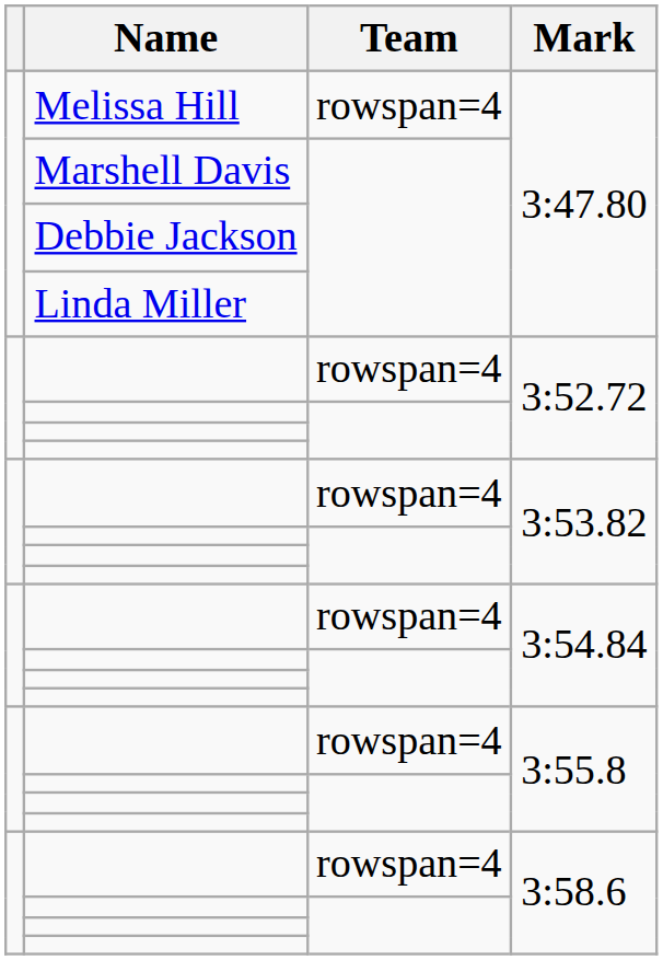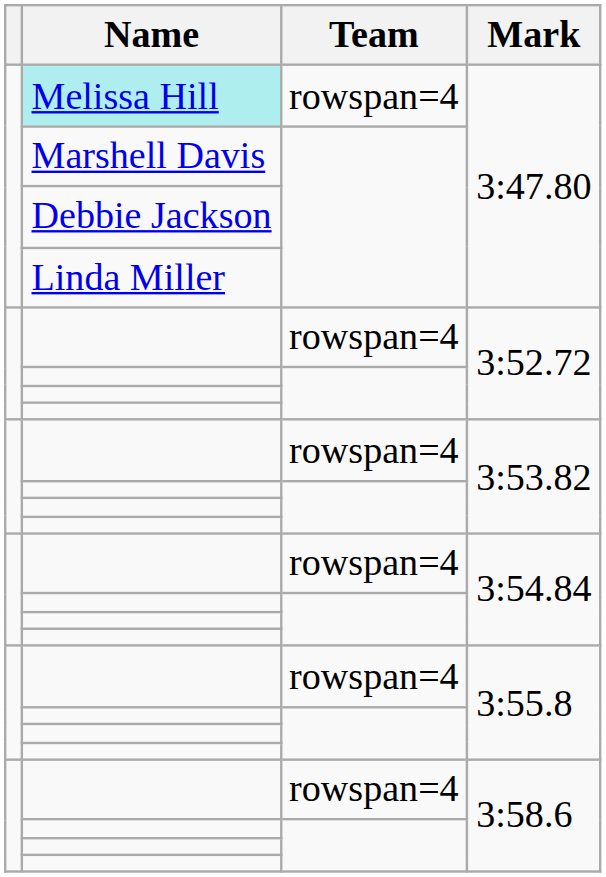 <table class=wikitable>
 <tr>
 <th></th>
 <th>Name</th>
 <th>Team</th>
 <th>Mark</th>
 </tr>
 <tr>
 <td rowspan=4></td>
-<td><a href='#'>Melissa Hill</a></td>
+<td style="background: paleturquoise;"><a href='#'>Melissa Hill</a></td>
 <td>rowspan=4 </td>
 <td rowspan=4>3:47.80</td>
 </tr>
 <tr>
 <td><a href='#'>Marshell Davis</a></td>
 </tr>
 <tr>
 <td><a href='#'>Debbie Jackson</a></td>
 </tr>
 <tr>
 <td><a href='#'>Linda Miller</a></td>
 </tr>
 <tr>
 <td rowspan=4></td>
 <td></td>
 <td>rowspan=4 </td>
 <td rowspan=4>3:52.72</td>
 </tr>
 <tr>
 <td></td>
 </tr>
 <tr>
 <td></td>
 </tr>
 <tr>
 <td></td>
 </tr>
 <tr>
 <td rowspan=4></td>
 <td></td>
 <td>rowspan=4 </td>
 <td rowspan=4>3:53.82</td>
 </tr>
 <tr>
 <td></td>
 </tr>
 <tr>
 <td></td>
 </tr>
 <tr>
 <td></td>
 </tr>
 <tr>
 <td rowspan=4></td>
 <td></td>
 <td>rowspan=4 </td>
 <td rowspan=4>3:54.84</td>
 </tr>
 <tr>
 <td></td>
 </tr>
 <tr>
 <td></td>
 </tr>
 <tr>
 <td></td>
 </tr>
 <tr>
 <td rowspan=4></td>
 <td></td>
 <td>rowspan=4 </td>
 <td rowspan=4>3:55.8</td>
 </tr>
 <tr>
 <td></td>
 </tr>
 <tr>
 <td></td>
 </tr>
 <tr>
 <td></td>
 </tr>
 <tr>
 <td rowspan=4></td>
 <td></td>
 <td>rowspan=4 </td>
 <td rowspan=4>3:58.6</td>
 </tr>
 <tr>
 <td></td>
 </tr>
 <tr>
 <td></td>
 </tr>
 <tr>
 <td></td>
 </tr>
 </table>
